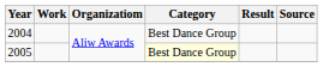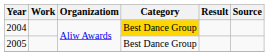 <table class="wikitable">
 <tr>
 <th>Year</th>
 <th>Work</th>
 <th>Organizatiom</th>
 <th>Category</th>
 <th>Result</th>
 <th>Source </th>
 </tr>
 <tr>
 <td>2004</td>
 <td></td>
 <td rowspan="2"><a href='#'>Aliw Awards</a></td>
-<td>Best Dance Group</td>
+<td style="background: gold;">Best Dance Group</td>
 <td></td>
 <td></td>
 </tr>
 <tr>
 <td>2005</td>
 <td></td>
-<td style="background: lightyellow;">Best Dance Group</td>
+<td>Best Dance Group</td>
 <td></td>
 <td></td>
 </tr>
 <tr>
 </tr>
 </table>
